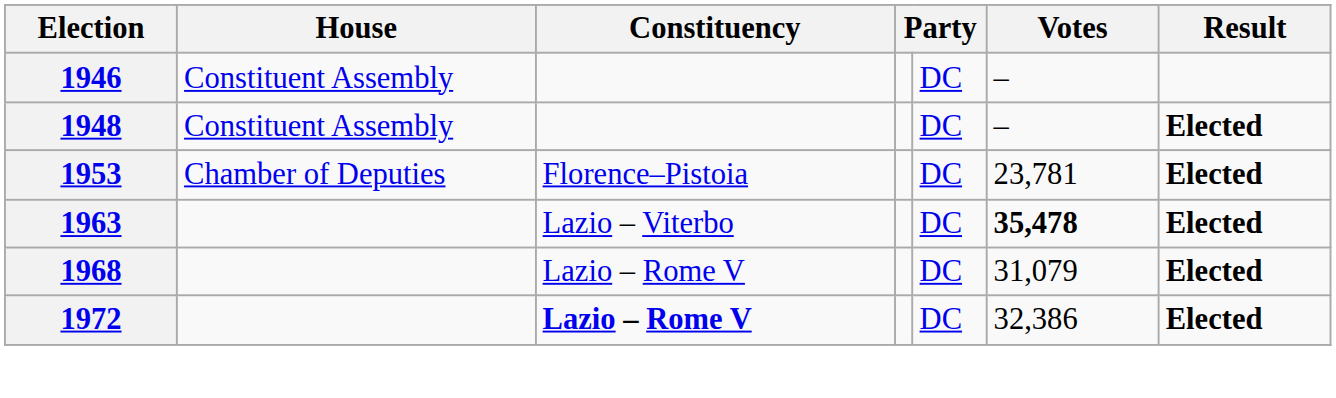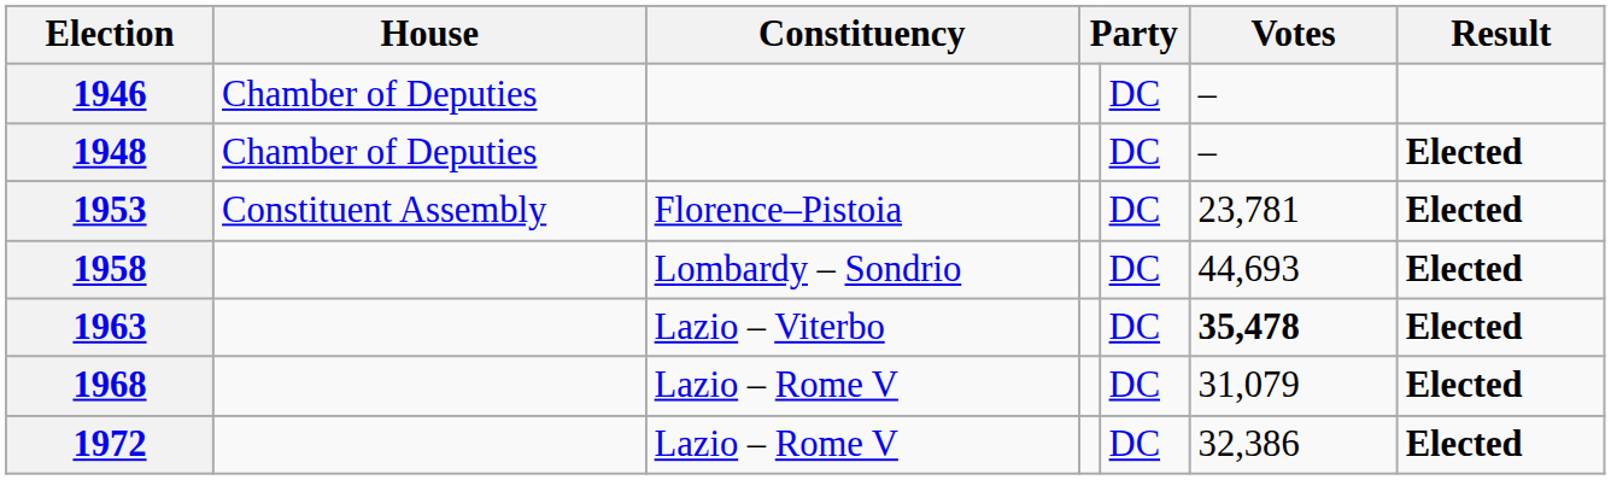 <table class=wikitable style="width:55%; border:1px #AAAAFF solid">
 <tr>
 <th width=12%>Election</th>
 <th width=25%>House</th>
 <th width=25%>Constituency</th>
 <th width=5% colspan="2">Party</th>
 <th width=12%>Votes</th>
 <th width=12%>Result</th>
 </tr>
 <tr>
 <th><a href='#'>1946</a></th>
-<td><a href='#'>Constituent Assembly</a></td>
+<td><a href='#'>Chamber of Deputies</a></td>
 <td></td>
 <td></td>
 <td><a href='#'>DC</a></td>
 <td>–</td>
 <td></td>
 </tr>
 <tr>
 <th><a href='#'>1948</a></th>
-<td><a href='#'>Constituent Assembly</a></td>
+<td><a href='#'>Chamber of Deputies</a></td>
 <td></td>
 <td></td>
 <td><a href='#'>DC</a></td>
 <td>–</td>
 <td> <strong>Elected</strong></td>
 </tr>
 <tr>
 <th><a href='#'>1953</a></th>
-<td><a href='#'>Chamber of Deputies</a></td>
+<td><a href='#'>Constituent Assembly</a></td>
 <td><a href='#'>Florence–Pistoia</a></td>
 <td></td>
 <td><a href='#'>DC</a></td>
 <td>23,781</td>
+<td> <strong>Elected</strong></td>
+</tr>
+<tr>
+<th><a href='#'>1958</a></th>
+<td></td>
+<td><a href='#'>Lombardy</a> – <a href='#'>Sondrio</a></td>
+<td></td>
+<td><a href='#'>DC</a></td>
+<td>44,693</td>
 <td> <strong>Elected</strong></td>
 </tr>
 <tr>
 <th><a href='#'>1963</a></th>
 <td></td>
 <td><a href='#'>Lazio</a> – <a href='#'>Viterbo</a></td>
 <td></td>
 <td><a href='#'>DC</a></td>
 <td><strong>35,478</strong></td>
 <td> <strong>Elected</strong></td>
 </tr>
 <tr>
 <th><a href='#'>1968</a></th>
 <td></td>
 <td><a href='#'>Lazio</a> – <a href='#'>Rome V</a></td>
 <td></td>
 <td><a href='#'>DC</a></td>
 <td>31,079</td>
 <td> <strong>Elected</strong></td>
 </tr>
 <tr>
 <th><a href='#'>1972</a></th>
 <td></td>
-<td><strong><a href='#'>Lazio</a> – <a href='#'>Rome V</a></strong></td>
+<td><a href='#'>Lazio</a> – <a href='#'>Rome V</a></td>
 <td></td>
 <td><a href='#'>DC</a></td>
 <td>32,386</td>
 <td> <strong>Elected</strong></td>
 </tr>
 </table>
